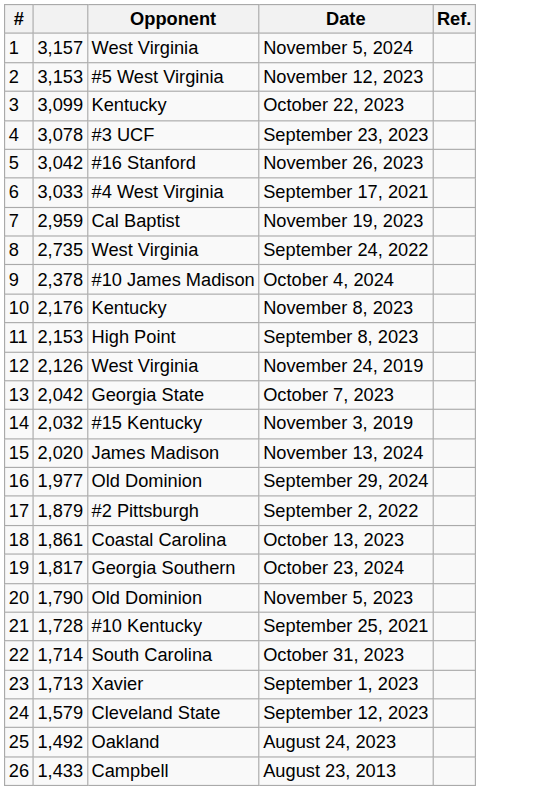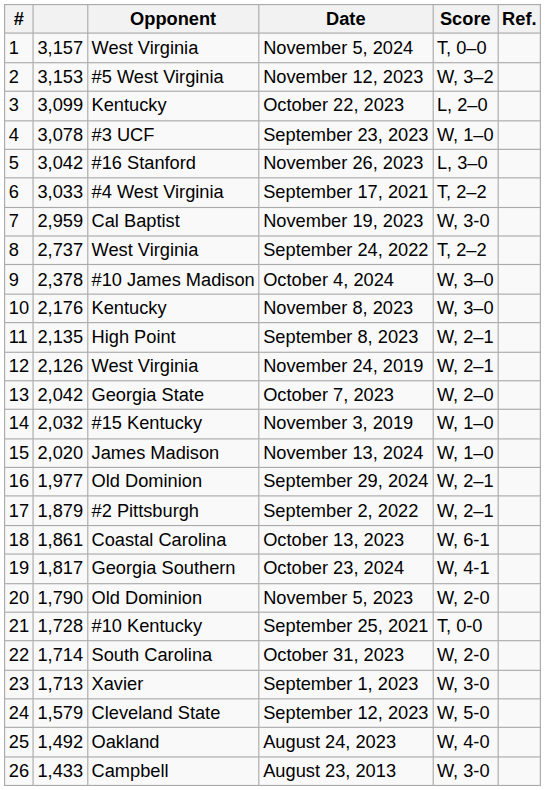 <table class="wikitable sortable">
 <tr>
 <th>#</th>
 <th></th>
 <th>Opponent</th>
 <th>Date</th>
+<th>Score</th>
 <th>Ref.</th>
 </tr>
 <tr>
 <td>1</td>
 <td>3,157</td>
 <td>West Virginia</td>
 <td>November 5, 2024</td>
+<td>T, 0–0</td>
 <td></td>
 </tr>
 <tr>
 <td>2</td>
 <td>3,153</td>
 <td>#5 West Virginia</td>
 <td>November 12, 2023</td>
+<td>W, 3–2</td>
 <td></td>
 </tr>
 <tr>
 <td>3</td>
 <td>3,099</td>
 <td>Kentucky</td>
 <td>October 22, 2023</td>
+<td>L, 2–0</td>
 <td></td>
 </tr>
 <tr>
 <td>4</td>
 <td>3,078</td>
 <td>#3 UCF</td>
 <td>September 23, 2023</td>
+<td>W, 1–0</td>
 <td></td>
 </tr>
 <tr>
 <td>5</td>
 <td>3,042</td>
 <td>#16 Stanford</td>
 <td>November 26, 2023</td>
+<td>L, 3–0</td>
 <td></td>
 </tr>
 <tr>
 <td>6</td>
 <td>3,033</td>
 <td>#4 West Virginia</td>
 <td>September 17, 2021</td>
+<td>T, 2–2</td>
 <td></td>
 </tr>
 <tr>
 <td>7</td>
 <td>2,959</td>
 <td>Cal Baptist</td>
 <td>November 19, 2023</td>
+<td>W, 3-0</td>
 <td></td>
 </tr>
 <tr>
 <td>8</td>
-<td>2,735</td>
+<td>2,737</td>
 <td>West Virginia</td>
 <td>September 24, 2022</td>
+<td>T, 2–2</td>
 <td></td>
 </tr>
 <tr>
 <td>9</td>
 <td>2,378</td>
 <td>#10 James Madison</td>
 <td>October 4, 2024</td>
+<td>W, 3–0</td>
 <td></td>
 </tr>
 <tr>
 <td>10</td>
 <td>2,176</td>
 <td>Kentucky</td>
 <td>November 8, 2023</td>
+<td>W, 3–0</td>
 <td></td>
 </tr>
 <tr>
 <td>11</td>
-<td>2,153</td>
+<td>2,135</td>
 <td>High Point</td>
 <td>September 8, 2023</td>
+<td>W, 2–1</td>
 <td></td>
 </tr>
 <tr>
 <td>12</td>
 <td>2,126</td>
 <td>West Virginia</td>
 <td>November 24, 2019</td>
+<td>W, 2–1</td>
 <td></td>
 </tr>
 <tr>
 <td>13</td>
 <td>2,042</td>
 <td>Georgia State</td>
 <td>October 7, 2023</td>
+<td>W, 2–0</td>
 <td></td>
 </tr>
 <tr>
 <td>14</td>
 <td>2,032</td>
 <td>#15 Kentucky</td>
 <td>November 3, 2019</td>
+<td>W, 1–0</td>
 <td></td>
 </tr>
 <tr>
 <td>15</td>
 <td>2,020</td>
 <td>James Madison</td>
 <td>November 13, 2024</td>
+<td>W, 1–0</td>
 <td></td>
 </tr>
 <tr>
 <td>16</td>
 <td>1,977</td>
 <td>Old Dominion</td>
 <td>September 29, 2024</td>
+<td>W, 2–1</td>
 <td></td>
 </tr>
 <tr>
 <td>17</td>
 <td>1,879</td>
 <td>#2 Pittsburgh</td>
 <td>September 2, 2022</td>
+<td>W, 2–1</td>
 <td></td>
 </tr>
 <tr>
 <td>18</td>
 <td>1,861</td>
 <td>Coastal Carolina</td>
 <td>October 13, 2023</td>
+<td>W, 6-1</td>
 <td></td>
 </tr>
 <tr>
 <td>19</td>
 <td>1,817</td>
 <td>Georgia Southern</td>
 <td>October 23, 2024</td>
+<td>W, 4-1</td>
 <td></td>
 </tr>
 <tr>
 <td>20</td>
 <td>1,790</td>
 <td>Old Dominion</td>
 <td>November 5, 2023</td>
+<td>W, 2-0</td>
 <td></td>
 </tr>
 <tr>
 <td>21</td>
 <td>1,728</td>
 <td>#10 Kentucky</td>
 <td>September 25, 2021</td>
+<td>T, 0-0</td>
 <td></td>
 </tr>
 <tr>
 <td>22</td>
 <td>1,714</td>
 <td>South Carolina</td>
 <td>October 31, 2023</td>
+<td>W, 2-0</td>
 <td></td>
 </tr>
 <tr>
 <td>23</td>
 <td>1,713</td>
 <td>Xavier</td>
 <td>September 1, 2023</td>
+<td>W, 3-0</td>
 <td></td>
 </tr>
 <tr>
 <td>24</td>
 <td>1,579</td>
 <td>Cleveland State</td>
 <td>September 12, 2023</td>
+<td>W, 5-0</td>
 <td></td>
 </tr>
 <tr>
 <td>25</td>
 <td>1,492</td>
 <td>Oakland</td>
 <td>August 24, 2023</td>
+<td>W, 4-0</td>
 <td></td>
 </tr>
 <tr>
 <td>26</td>
 <td>1,433</td>
 <td>Campbell</td>
 <td>August 23, 2013</td>
+<td>W, 3-0</td>
 <td></td>
 </tr>
 </table>
